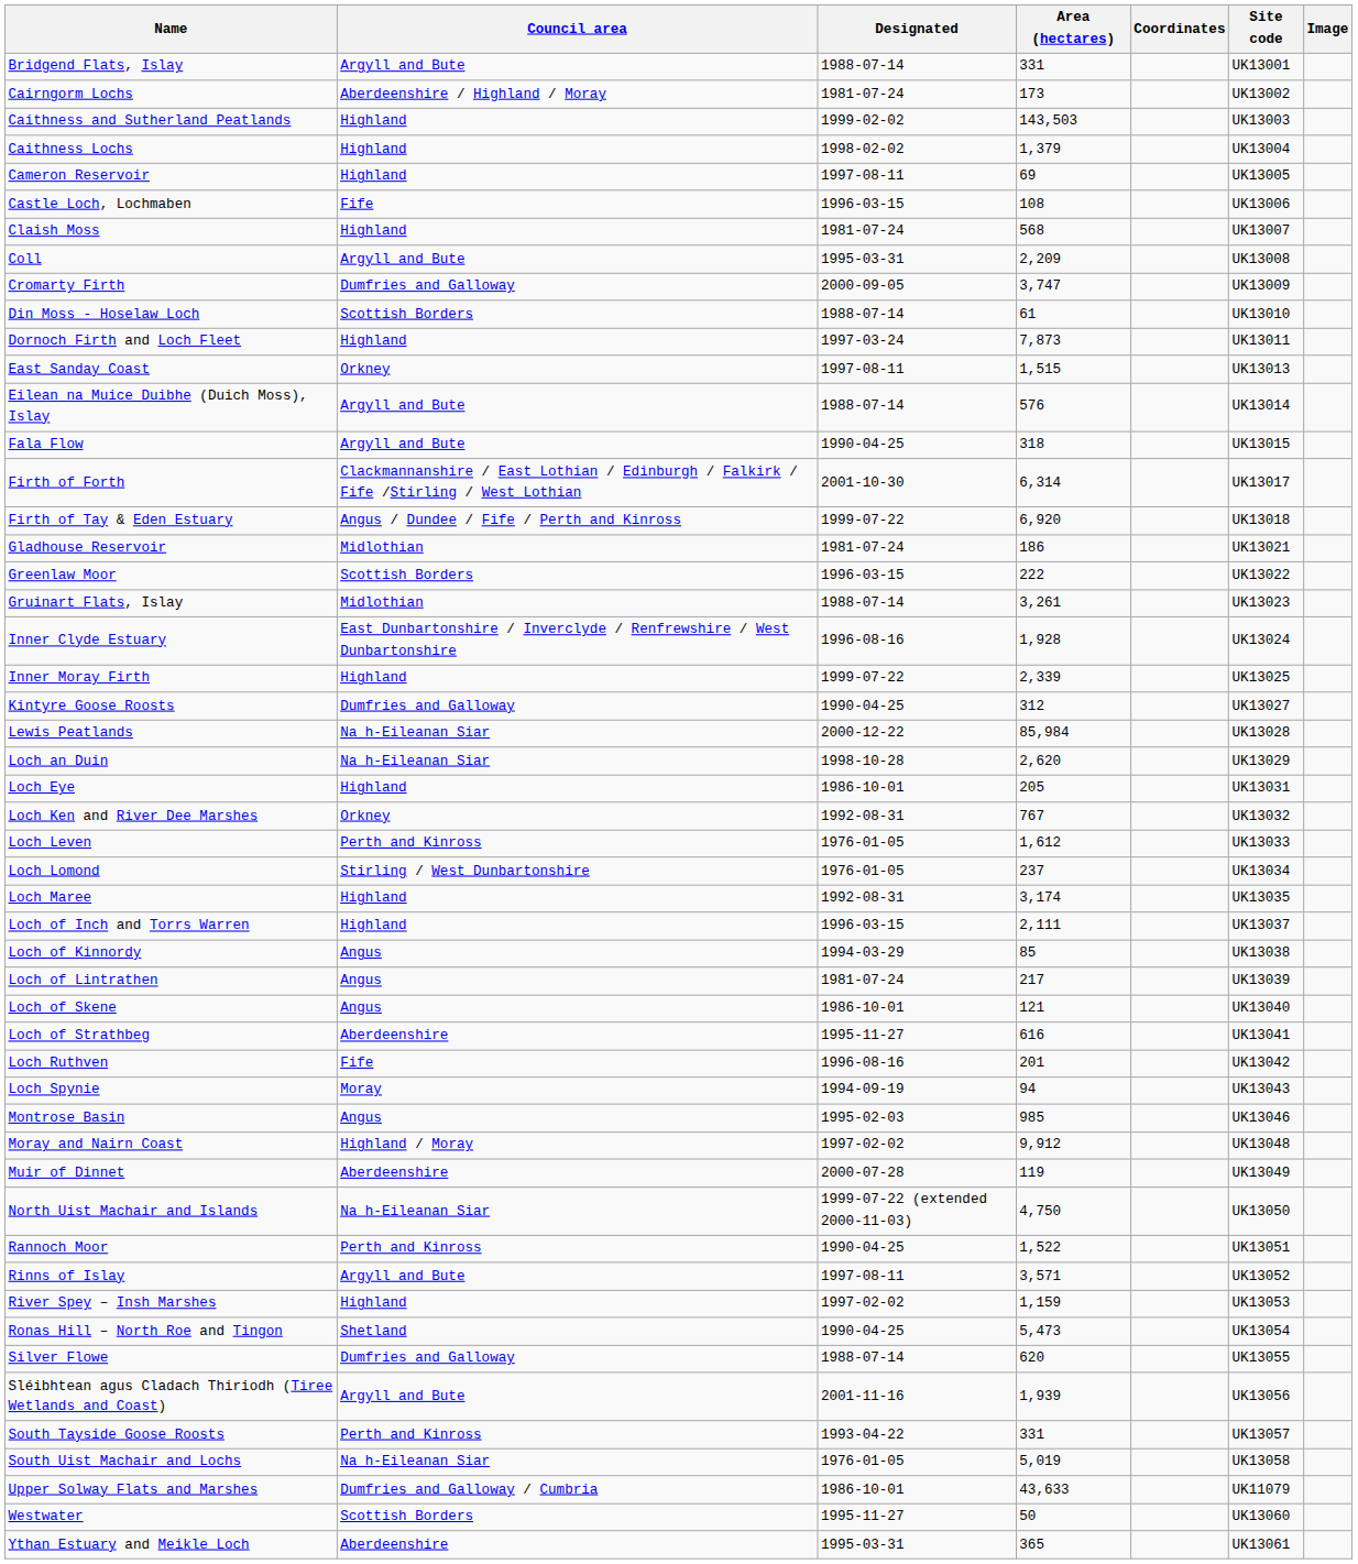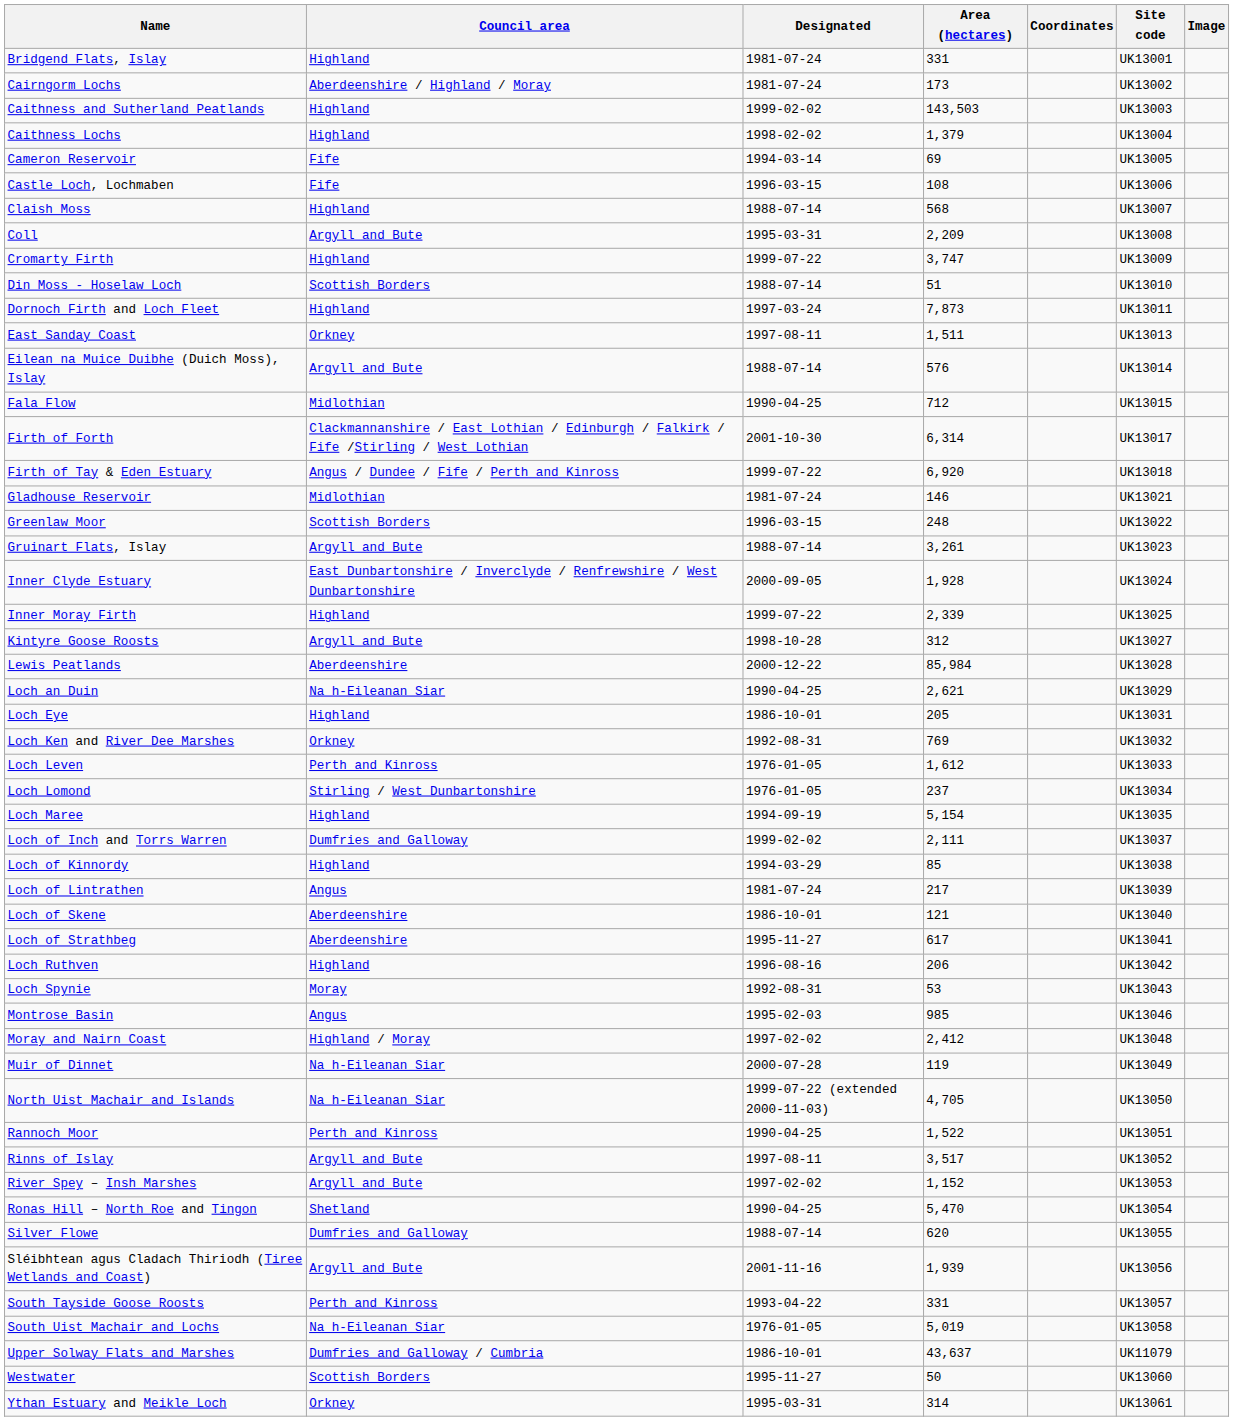 <table class="wikitable sortable" style="font-size:95%;width:95%;border:0px;text-align:left;line-height:150%;">
 <tr>
 <th style="background-color:">Name</th>
 <th style="background-color:"><a href='#'>Council area</a></th>
 <th style="background-color:">Designated</th>
 <th style="background-color:">Area (<a href='#'>hectares</a>)</th>
 <th style="background-color:">Coordinates</th>
 <th style="background-color:">Site code</th>
 <th style="background-color:">Image</th>
 </tr>
 <tr>
 <td><a href='#'>Bridgend Flats</a>, <a href='#'>Islay</a></td>
-<td><a href='#'>Argyll and Bute</a></td>
-<td>1988-07-14</td>
+<td><a href='#'>Highland</a></td>
+<td>1981-07-24</td>
 <td>331</td>
 <td></td>
 <td>UK13001</td>
 <td></td>
 </tr>
 <tr>
 <td><a href='#'>Cairngorm Lochs</a></td>
 <td><a href='#'>Aberdeenshire</a> / <a href='#'>Highland</a> / <a href='#'>Moray</a></td>
 <td>1981-07-24</td>
 <td>173</td>
 <td></td>
 <td>UK13002</td>
 <td></td>
 </tr>
 <tr>
 <td><a href='#'>Caithness and Sutherland Peatlands</a></td>
 <td><a href='#'>Highland</a></td>
 <td>1999-02-02</td>
 <td>143,503</td>
 <td></td>
 <td>UK13003</td>
 <td></td>
 </tr>
 <tr>
 <td><a href='#'>Caithness Lochs</a></td>
 <td><a href='#'>Highland</a></td>
 <td>1998-02-02</td>
 <td>1,379</td>
 <td></td>
 <td>UK13004</td>
 <td></td>
 </tr>
 <tr>
 <td><a href='#'>Cameron Reservoir</a></td>
-<td><a href='#'>Highland</a></td>
-<td>1997-08-11</td>
+<td><a href='#'>Fife</a></td>
+<td>1994-03-14</td>
 <td>69</td>
 <td></td>
 <td>UK13005</td>
 <td></td>
 </tr>
 <tr>
 <td><a href='#'>Castle Loch</a>, Lochmaben</td>
 <td><a href='#'>Fife</a></td>
 <td>1996-03-15</td>
 <td>108</td>
 <td></td>
 <td>UK13006</td>
 <td></td>
 </tr>
 <tr>
 <td><a href='#'>Claish Moss</a></td>
 <td><a href='#'>Highland</a></td>
-<td>1981-07-24</td>
+<td>1988-07-14</td>
 <td>568</td>
 <td></td>
 <td>UK13007</td>
 <td></td>
 </tr>
 <tr>
 <td><a href='#'>Coll</a></td>
 <td><a href='#'>Argyll and Bute</a></td>
 <td>1995-03-31</td>
 <td>2,209</td>
 <td></td>
 <td>UK13008</td>
 <td></td>
 </tr>
 <tr>
 <td><a href='#'>Cromarty Firth</a></td>
-<td><a href='#'>Dumfries and Galloway</a></td>
-<td>2000-09-05</td>
+<td><a href='#'>Highland</a></td>
+<td>1999-07-22</td>
 <td>3,747</td>
 <td></td>
 <td>UK13009</td>
 <td></td>
 </tr>
 <tr>
 <td><a href='#'>Din Moss - Hoselaw Loch</a></td>
 <td><a href='#'>Scottish Borders</a></td>
 <td>1988-07-14</td>
-<td>61</td>
+<td>51</td>
 <td></td>
 <td>UK13010</td>
 <td></td>
 </tr>
 <tr>
 <td><a href='#'>Dornoch Firth</a> and <a href='#'>Loch Fleet</a></td>
 <td><a href='#'>Highland</a></td>
 <td>1997-03-24</td>
 <td>7,873</td>
 <td></td>
 <td>UK13011</td>
 <td></td>
 </tr>
 <tr>
 <td><a href='#'>East Sanday Coast</a></td>
 <td><a href='#'>Orkney</a></td>
 <td>1997-08-11</td>
-<td>1,515</td>
+<td>1,511</td>
 <td></td>
 <td>UK13013</td>
 <td></td>
 </tr>
 <tr>
 <td><a href='#'>Eilean na Muice Duibhe</a> (Duich Moss), <a href='#'>Islay</a></td>
 <td><a href='#'>Argyll and Bute</a></td>
 <td>1988-07-14</td>
 <td>576</td>
 <td></td>
 <td>UK13014</td>
 <td></td>
 </tr>
 <tr>
 <td><a href='#'>Fala Flow</a></td>
-<td><a href='#'>Argyll and Bute</a></td>
+<td><a href='#'>Midlothian</a></td>
 <td>1990-04-25</td>
-<td>318</td>
+<td>712</td>
 <td></td>
 <td>UK13015</td>
 <td></td>
 </tr>
 <tr>
 <td><a href='#'>Firth of Forth</a></td>
 <td><a href='#'>Clackmannanshire</a> / <a href='#'>East Lothian</a> / <a href='#'>Edinburgh</a> / <a href='#'>Falkirk</a> / <a href='#'>Fife</a> /<a href='#'>Stirling</a> / <a href='#'>West Lothian</a></td>
 <td>2001-10-30</td>
 <td>6,314</td>
 <td></td>
 <td>UK13017</td>
 <td></td>
 </tr>
 <tr>
 <td><a href='#'>Firth of Tay</a> & <a href='#'>Eden Estuary</a></td>
 <td><a href='#'>Angus</a> / <a href='#'>Dundee</a> / <a href='#'>Fife</a> / <a href='#'>Perth and Kinross</a></td>
 <td>1999-07-22</td>
 <td>6,920</td>
 <td></td>
 <td>UK13018</td>
 <td></td>
 </tr>
 <tr>
 <td><a href='#'>Gladhouse Reservoir</a></td>
 <td><a href='#'>Midlothian</a></td>
 <td>1981-07-24</td>
-<td>186</td>
+<td>146</td>
 <td></td>
 <td>UK13021</td>
 <td></td>
 </tr>
 <tr>
 <td><a href='#'>Greenlaw Moor</a></td>
 <td><a href='#'>Scottish Borders</a></td>
 <td>1996-03-15</td>
-<td>222</td>
+<td>248</td>
 <td></td>
 <td>UK13022</td>
 <td></td>
 </tr>
 <tr>
 <td><a href='#'>Gruinart Flats</a>, Islay</td>
-<td><a href='#'>Midlothian</a></td>
+<td><a href='#'>Argyll and Bute</a></td>
 <td>1988-07-14</td>
 <td>3,261</td>
 <td></td>
 <td>UK13023</td>
 <td></td>
 </tr>
 <tr>
 <td><a href='#'>Inner Clyde Estuary</a></td>
 <td><a href='#'>East Dunbartonshire</a> / <a href='#'>Inverclyde</a> / <a href='#'>Renfrewshire</a> / <a href='#'>West Dunbartonshire</a></td>
-<td>1996-08-16</td>
+<td>2000-09-05</td>
 <td>1,928</td>
 <td></td>
 <td>UK13024</td>
 <td></td>
 </tr>
 <tr>
 <td><a href='#'>Inner Moray Firth</a></td>
 <td><a href='#'>Highland</a></td>
 <td>1999-07-22</td>
 <td>2,339</td>
 <td></td>
 <td>UK13025</td>
 <td></td>
 </tr>
 <tr>
 <td><a href='#'>Kintyre Goose Roosts</a></td>
-<td><a href='#'>Dumfries and Galloway</a></td>
-<td>1990-04-25</td>
+<td><a href='#'>Argyll and Bute</a></td>
+<td>1998-10-28</td>
 <td>312</td>
 <td></td>
 <td>UK13027</td>
 <td></td>
 </tr>
 <tr>
 <td><a href='#'>Lewis Peatlands</a></td>
-<td><a href='#'>Na h-Eileanan Siar</a></td>
+<td><a href='#'>Aberdeenshire</a></td>
 <td>2000-12-22</td>
 <td>85,984</td>
 <td></td>
 <td>UK13028</td>
 <td></td>
 </tr>
 <tr>
 <td><a href='#'>Loch an Duin</a></td>
 <td><a href='#'>Na h-Eileanan Siar</a></td>
-<td>1998-10-28</td>
-<td>2,620</td>
+<td>1990-04-25</td>
+<td>2,621</td>
 <td></td>
 <td>UK13029</td>
 <td></td>
 </tr>
 <tr>
 <td><a href='#'>Loch Eye</a></td>
 <td><a href='#'>Highland</a></td>
 <td>1986-10-01</td>
 <td>205</td>
 <td></td>
 <td>UK13031</td>
 <td></td>
 </tr>
 <tr>
 <td><a href='#'>Loch Ken</a> and <a href='#'>River Dee Marshes</a></td>
 <td><a href='#'>Orkney</a></td>
 <td>1992-08-31</td>
-<td>767</td>
+<td>769</td>
 <td></td>
 <td>UK13032</td>
 <td></td>
 </tr>
 <tr>
 <td><a href='#'>Loch Leven</a></td>
 <td><a href='#'>Perth and Kinross</a></td>
 <td>1976-01-05</td>
 <td>1,612</td>
 <td></td>
 <td>UK13033</td>
 <td></td>
 </tr>
 <tr>
 <td><a href='#'>Loch Lomond</a></td>
 <td><a href='#'>Stirling</a> / <a href='#'>West Dunbartonshire</a></td>
 <td>1976-01-05</td>
 <td>237</td>
 <td></td>
 <td>UK13034</td>
 <td></td>
 </tr>
 <tr>
 <td><a href='#'>Loch Maree</a></td>
 <td><a href='#'>Highland</a></td>
-<td>1992-08-31</td>
-<td>3,174</td>
+<td>1994-09-19</td>
+<td>5,154</td>
 <td></td>
 <td>UK13035</td>
 <td></td>
 </tr>
 <tr>
 <td><a href='#'>Loch of Inch</a> and <a href='#'>Torrs Warren</a></td>
-<td><a href='#'>Highland</a></td>
-<td>1996-03-15</td>
+<td><a href='#'>Dumfries and Galloway</a></td>
+<td>1999-02-02</td>
 <td>2,111</td>
 <td></td>
 <td>UK13037</td>
 <td></td>
 </tr>
 <tr>
 <td><a href='#'>Loch of Kinnordy</a></td>
-<td><a href='#'>Angus</a></td>
+<td><a href='#'>Highland</a></td>
 <td>1994-03-29</td>
 <td>85</td>
 <td></td>
 <td>UK13038</td>
 <td></td>
 </tr>
 <tr>
 <td><a href='#'>Loch of Lintrathen</a></td>
 <td><a href='#'>Angus</a></td>
 <td>1981-07-24</td>
 <td>217</td>
 <td></td>
 <td>UK13039</td>
 <td></td>
 </tr>
 <tr>
 <td><a href='#'>Loch of Skene</a></td>
-<td><a href='#'>Angus</a></td>
+<td><a href='#'>Aberdeenshire</a></td>
 <td>1986-10-01</td>
 <td>121</td>
 <td></td>
 <td>UK13040</td>
 <td></td>
 </tr>
 <tr>
 <td><a href='#'>Loch of Strathbeg</a></td>
 <td><a href='#'>Aberdeenshire</a></td>
 <td>1995-11-27</td>
-<td>616</td>
+<td>617</td>
 <td></td>
 <td>UK13041</td>
 <td></td>
 </tr>
 <tr>
 <td><a href='#'>Loch Ruthven</a></td>
-<td><a href='#'>Fife</a></td>
+<td><a href='#'>Highland</a></td>
 <td>1996-08-16</td>
-<td>201</td>
+<td>206</td>
 <td></td>
 <td>UK13042</td>
 <td></td>
 </tr>
 <tr>
 <td><a href='#'>Loch Spynie</a></td>
 <td><a href='#'>Moray</a></td>
-<td>1994-09-19</td>
-<td>94</td>
+<td>1992-08-31</td>
+<td>53</td>
 <td></td>
 <td>UK13043</td>
 <td></td>
 </tr>
 <tr>
 <td><a href='#'>Montrose Basin</a></td>
 <td><a href='#'>Angus</a></td>
 <td>1995-02-03</td>
 <td>985</td>
 <td></td>
 <td>UK13046</td>
 <td></td>
 </tr>
 <tr>
 <td><a href='#'>Moray and Nairn Coast</a></td>
 <td><a href='#'>Highland</a> / <a href='#'>Moray</a></td>
 <td>1997-02-02</td>
-<td>9,912</td>
+<td>2,412</td>
 <td></td>
 <td>UK13048</td>
 <td></td>
 </tr>
 <tr>
 <td><a href='#'>Muir of Dinnet</a></td>
-<td><a href='#'>Aberdeenshire</a></td>
+<td><a href='#'>Na h-Eileanan Siar</a></td>
 <td>2000-07-28</td>
 <td>119</td>
 <td></td>
 <td>UK13049</td>
 <td></td>
 </tr>
 <tr>
 <td><a href='#'>North Uist Machair and Islands</a></td>
 <td><a href='#'>Na h-Eileanan Siar</a></td>
 <td>1999-07-22 (extended 2000-11-03)</td>
-<td>4,750</td>
+<td>4,705</td>
 <td></td>
 <td>UK13050</td>
 <td></td>
 </tr>
 <tr>
 <td><a href='#'>Rannoch Moor</a></td>
 <td><a href='#'>Perth and Kinross</a></td>
 <td>1990-04-25</td>
 <td>1,522</td>
 <td></td>
 <td>UK13051</td>
 <td></td>
 </tr>
 <tr>
 <td><a href='#'>Rinns of Islay</a></td>
 <td><a href='#'>Argyll and Bute</a></td>
 <td>1997-08-11</td>
-<td>3,571</td>
+<td>3,517</td>
 <td></td>
 <td>UK13052</td>
 <td></td>
 </tr>
 <tr>
 <td><a href='#'>River Spey</a> – <a href='#'>Insh Marshes</a></td>
-<td><a href='#'>Highland</a></td>
+<td><a href='#'>Argyll and Bute</a></td>
 <td>1997-02-02</td>
-<td>1,159</td>
+<td>1,152</td>
 <td></td>
 <td>UK13053</td>
 <td></td>
 </tr>
 <tr>
 <td><a href='#'>Ronas Hill</a> – <a href='#'>North Roe</a> and <a href='#'>Tingon</a></td>
 <td><a href='#'>Shetland</a></td>
 <td>1990-04-25</td>
-<td>5,473</td>
+<td>5,470</td>
 <td></td>
 <td>UK13054</td>
 <td></td>
 </tr>
 <tr>
 <td><a href='#'>Silver Flowe</a></td>
 <td><a href='#'>Dumfries and Galloway</a></td>
 <td>1988-07-14</td>
 <td>620</td>
 <td></td>
 <td>UK13055</td>
 <td></td>
 </tr>
 <tr>
 <td>Sléibhtean agus Cladach Thiriodh (<a href='#'>Tiree Wetlands and Coast</a>)</td>
 <td><a href='#'>Argyll and Bute</a></td>
 <td>2001-11-16</td>
 <td>1,939</td>
 <td></td>
 <td>UK13056</td>
 <td></td>
 </tr>
 <tr>
 <td><a href='#'>South Tayside Goose Roosts</a></td>
 <td><a href='#'>Perth and Kinross</a></td>
 <td>1993-04-22</td>
 <td>331</td>
 <td></td>
 <td>UK13057</td>
 <td></td>
 </tr>
 <tr>
 <td><a href='#'>South Uist Machair and Lochs</a></td>
 <td><a href='#'>Na h-Eileanan Siar</a></td>
 <td>1976-01-05</td>
 <td>5,019</td>
 <td></td>
 <td>UK13058</td>
 <td></td>
 </tr>
 <tr>
 <td><a href='#'>Upper Solway Flats and Marshes</a></td>
 <td><a href='#'>Dumfries and Galloway</a> / <a href='#'>Cumbria</a></td>
 <td>1986-10-01</td>
-<td>43,633</td>
+<td>43,637</td>
 <td></td>
 <td>UK11079</td>
 <td></td>
 </tr>
 <tr>
 <td><a href='#'>Westwater</a></td>
 <td><a href='#'>Scottish Borders</a></td>
 <td>1995-11-27</td>
 <td>50</td>
 <td></td>
 <td>UK13060</td>
 <td></td>
 </tr>
 <tr>
 <td><a href='#'>Ythan Estuary</a> and <a href='#'>Meikle Loch</a></td>
-<td><a href='#'>Aberdeenshire</a></td>
+<td><a href='#'>Orkney</a></td>
 <td>1995-03-31</td>
-<td>365</td>
+<td>314</td>
 <td></td>
 <td>UK13061</td>
 <td></td>
 </tr>
 </table>
